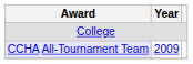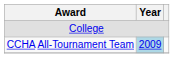 <table class="wikitable">
 <tr>
 <th>Award</th>
 <th>Year</th>
 <th></th>
 </tr>
 <tr ALIGN="center" bgcolor="#e0e0e0">
 <td colspan="3"><a href='#'>College</a></td>
 </tr>
 <tr>
-<td style="background: lavender;"><a href='#'>CCHA</a> <a href='#'>All-Tournament Team</a></td>
-<td><a href='#'>2009</a></td>
+<td><a href='#'>CCHA</a> <a href='#'>All-Tournament Team</a></td>
+<td style="background: lightblue;"><a href='#'>2009</a></td>
 <td></td>
 </tr>
 <tr>
 </tr>
 </table>
